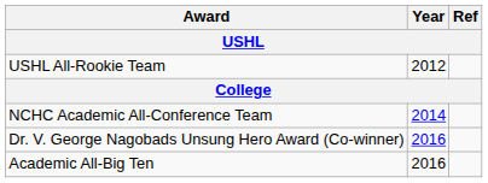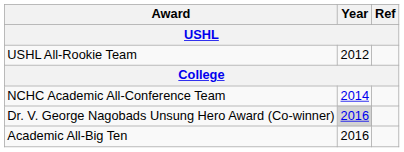 <table class="wikitable">
 <tr>
 <th>Award</th>
 <th>Year</th>
 <th>Ref</th>
 </tr>
 <tr>
 <th colspan="3"><a href='#'>USHL</a></th>
 </tr>
 <tr>
 <td>USHL All-Rookie Team</td>
 <td>2012</td>
 <td></td>
 </tr>
 <tr>
 <th colspan="3"><a href='#'>College</a></th>
 </tr>
 <tr>
 <td>NCHC Academic All-Conference Team</td>
 <td><a href='#'>2014</a></td>
 <td></td>
 </tr>
 <tr>
 <td>Dr. V. George Nagobads Unsung Hero Award (Co-winner)</td>
-<td><a href='#'>2016</a></td>
+<td style="background: lightgrey;"><a href='#'>2016</a></td>
 <td></td>
 </tr>
 <tr>
 <td>Academic All-Big Ten</td>
 <td>2016</td>
 <td></td>
 </tr>
 </table>
